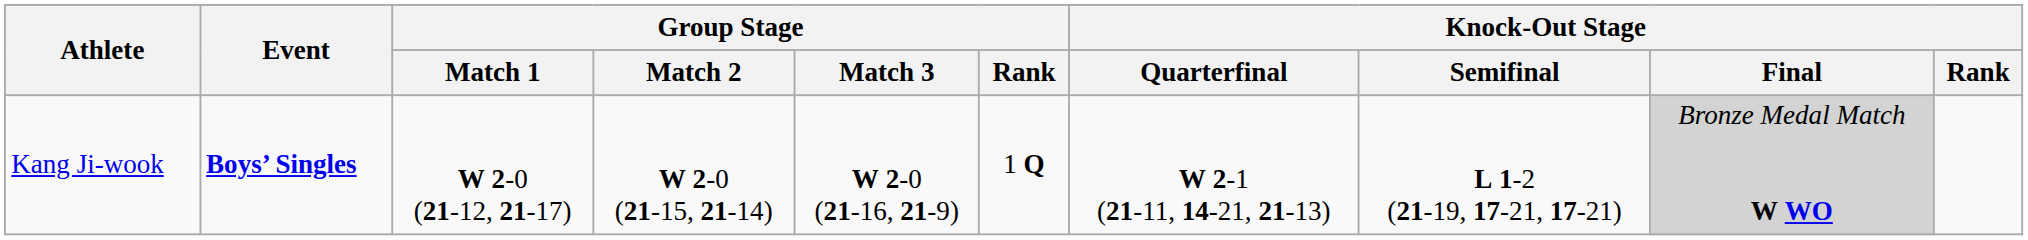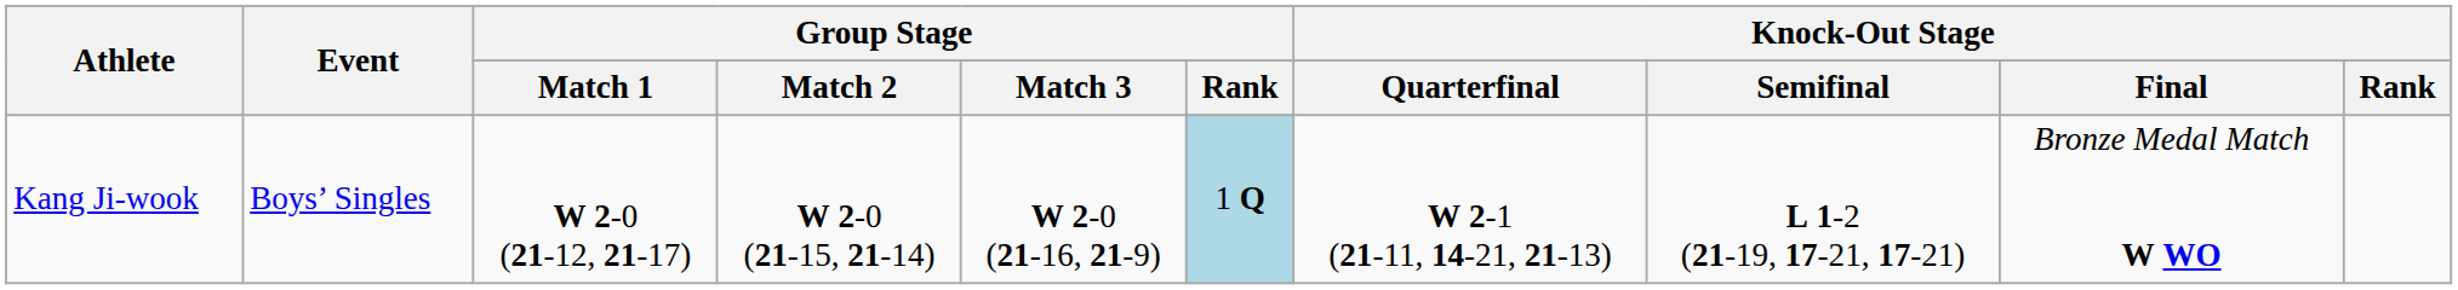 <table class="wikitable" width="85%" style="text-align:left; font-size:90%">
 <tr>
 <th rowspan=2>Athlete</th>
 <th rowspan=2>Event</th>
 <th colspan=4>Group Stage</th>
 <th colspan=4>Knock-Out Stage</th>
 </tr>
 <tr>
 <th>Match 1</th>
 <th>Match 2</th>
 <th>Match 3</th>
 <th>Rank</th>
 <th>Quarterfinal</th>
 <th>Semifinal</th>
 <th>Final</th>
 <th>Rank</th>
 </tr>
 <tr>
 <td><a href='#'>Kang Ji-wook</a></td>
-<td><strong><a href='#'>Boys’ Singles</a></strong></td>
+<td><a href='#'>Boys’ Singles</a></td>
 <td align=center> <br><br><strong>W</strong> <strong>2</strong>-0 <br> (<strong>21</strong>-12, <strong>21</strong>-17)</td>
 <td align=center> <br><br><strong>W</strong> <strong>2</strong>-0 <br> (<strong>21</strong>-15, <strong>21</strong>-14)</td>
 <td align=center> <br><br><strong>W</strong> <strong>2</strong>-0 <br> (<strong>21</strong>-16, <strong>21</strong>-9)</td>
-<td align=center>1 <strong>Q</strong></td>
+<td align=center style="background: lightblue;">1 <strong>Q</strong></td>
 <td align=center> <br><br><strong>W</strong> <strong>2</strong>-1 <br> (<strong>21</strong>-11, <strong>14</strong>-21, <strong>21</strong>-13)</td>
 <td align=center> <br><br><strong>L</strong> <strong>1</strong>-2 <br> (<strong>21</strong>-19, <strong>17</strong>-21, <strong>17</strong>-21)</td>
-<td align=center style="background: lightgrey;"><em>Bronze Medal Match</em><br> <br><br><strong>W</strong> <strong><a href='#'>WO</a></strong></td>
+<td align=center><em>Bronze Medal Match</em><br> <br><br><strong>W</strong> <strong><a href='#'>WO</a></strong></td>
 <td align=center></td>
 </tr>
 </table>
